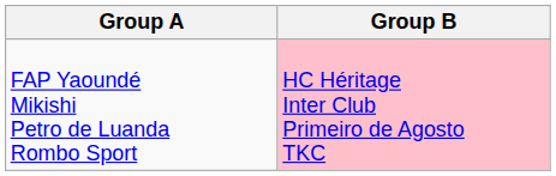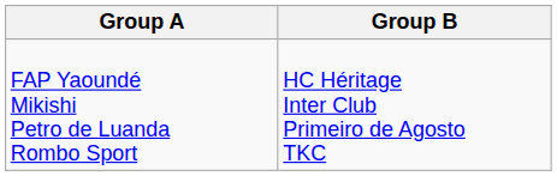 <table class="wikitable">
 <tr>
 <th width=195px>Group A</th>
 <th width=195px>Group B</th>
 </tr>
 <tr>
 <td valign=top><br> <a href='#'>FAP Yaoundé</a><br>  <a href='#'>Mikishi</a><br>  <a href='#'>Petro de Luanda</a><br>  <a href='#'>Rombo Sport</a></td>
-<td valign=top style="background: pink;"><br> <a href='#'>HC Héritage</a><br>  <a href='#'>Inter Club</a><br>  <a href='#'>Primeiro de Agosto</a><br>  <a href='#'>TKC</a></td>
+<td valign=top><br> <a href='#'>HC Héritage</a><br>  <a href='#'>Inter Club</a><br>  <a href='#'>Primeiro de Agosto</a><br>  <a href='#'>TKC</a></td>
 </tr>
 </table>
